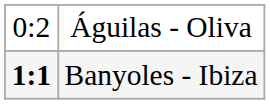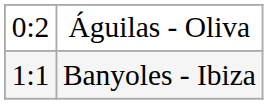 <table class="wikitable">
 <tr align=center bgcolor=white>
 <td>0:2</td>
 <td>Águilas - Oliva</td>
 </tr>
 <tr align=center bgcolor=#F5F5F5>
-<td><strong>1:1</strong></td>
+<td>1:1</td>
 <td>Banyoles - Ibiza</td>
 </tr>
 </table>
